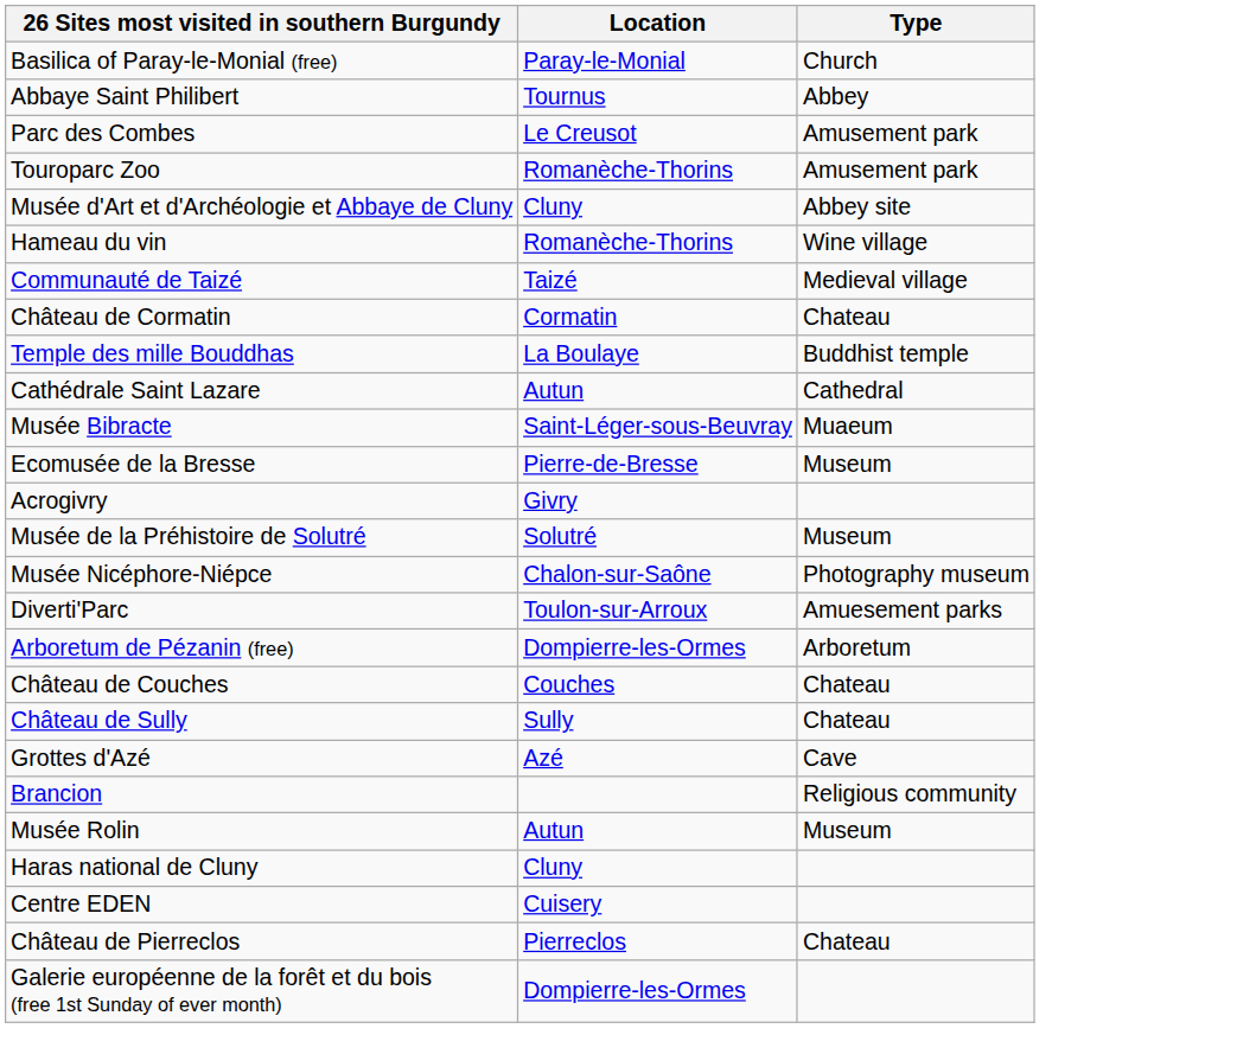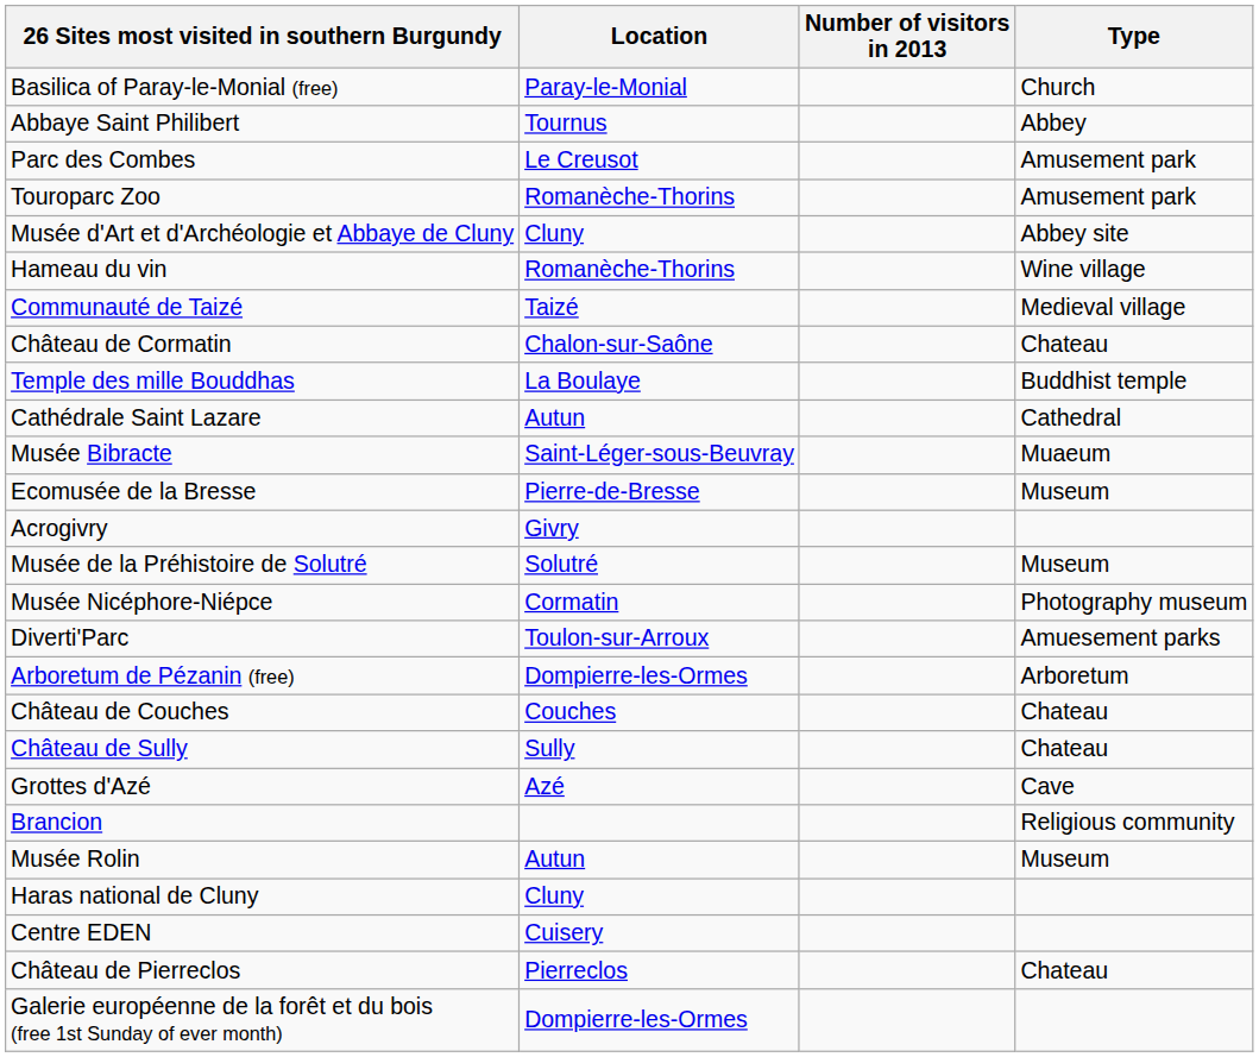 <table class="wikitable centre alternance" style=texte-align: ce-nter; line-height:14px>
 <tr>
 <th scope="col">26 Sites most visited in southern Burgundy</th>
 <th scope="col">Location</th>
+<th scope="col">Number of visitors<br> in 2013</th>
 <th scope="col">Type</th>
 </tr>
 <tr>
 <td>Basilica of Paray-le-Monial <small>(free)</small></td>
 <td><a href='#'>Paray-le-Monial</a></td>
+<td align="right"></td>
 <td>Church</td>
 </tr>
 <tr>
 <td>Abbaye Saint Philibert</td>
 <td><a href='#'>Tournus</a></td>
+<td align="right"></td>
 <td>Abbey</td>
 </tr>
 <tr>
 <td>Parc des Combes</td>
 <td><a href='#'>Le Creusot</a></td>
+<td align="right"></td>
 <td>Amusement park</td>
 </tr>
 <tr>
 <td>Touroparc Zoo</td>
 <td><a href='#'>Romanèche-Thorins</a></td>
+<td align="right"></td>
 <td>Amusement park</td>
 </tr>
 <tr>
 <td>Musée d'Art et d'Archéologie et <a href='#'>Abbaye de Cluny</a></td>
 <td><a href='#'>Cluny</a></td>
+<td align="right"></td>
 <td>Abbey site</td>
 </tr>
 <tr>
 <td>Hameau du vin</td>
 <td><a href='#'>Romanèche-Thorins</a></td>
+<td align="right"></td>
 <td>Wine village</td>
 </tr>
 <tr>
 <td><a href='#'>Communauté de Taizé</a></td>
 <td><a href='#'>Taizé</a></td>
+<td align="right"></td>
 <td>Medieval village</td>
 </tr>
 <tr>
 <td>Château de Cormatin</td>
-<td><a href='#'>Cormatin</a></td>
+<td><a href='#'>Chalon-sur-Saône</a></td>
+<td align="right"></td>
 <td>Chateau</td>
 </tr>
 <tr>
 <td><a href='#'>Temple des mille Bouddhas</a></td>
 <td><a href='#'>La Boulaye</a></td>
+<td align="right"></td>
 <td>Buddhist temple</td>
 </tr>
 <tr>
 <td>Cathédrale Saint Lazare</td>
 <td><a href='#'>Autun</a></td>
+<td align="right"></td>
 <td>Cathedral</td>
 </tr>
 <tr>
 <td>Musée <a href='#'>Bibracte</a></td>
 <td><a href='#'>Saint-Léger-sous-Beuvray</a></td>
+<td align="right"></td>
 <td>Muaeum</td>
 </tr>
 <tr>
 <td>Ecomusée de la Bresse</td>
 <td><a href='#'>Pierre-de-Bresse</a></td>
+<td align="right"></td>
 <td>Museum</td>
 </tr>
 <tr>
 <td>Acrogivry</td>
 <td><a href='#'>Givry</a></td>
+<td align="right"></td>
 <td></td>
 </tr>
 <tr>
 <td>Musée de la Préhistoire de <a href='#'>Solutré</a></td>
 <td><a href='#'>Solutré</a></td>
+<td align="right"></td>
 <td>Museum</td>
 </tr>
 <tr>
 <td>Musée Nicéphore-Niépce</td>
-<td><a href='#'>Chalon-sur-Saône</a></td>
+<td><a href='#'>Cormatin</a></td>
+<td align="right"></td>
 <td>Photography museum</td>
 </tr>
 <tr>
 <td>Diverti'Parc</td>
 <td><a href='#'>Toulon-sur-Arroux</a></td>
+<td align="right"></td>
 <td>Amuesement parks</td>
 </tr>
 <tr>
 <td><a href='#'>Arboretum de Pézanin</a> <small>(free)</small></td>
 <td><a href='#'>Dompierre-les-Ormes</a></td>
+<td align="right"></td>
 <td>Arboretum</td>
 </tr>
 <tr>
 <td>Château de Couches</td>
 <td><a href='#'>Couches</a></td>
+<td align="right"></td>
 <td>Chateau</td>
 </tr>
 <tr>
 <td><a href='#'>Château de Sully</a></td>
 <td><a href='#'>Sully</a></td>
+<td align="right"></td>
 <td>Chateau</td>
 </tr>
 <tr>
 <td>Grottes d'Azé</td>
 <td><a href='#'>Azé</a></td>
+<td align="right"></td>
 <td>Cave</td>
 </tr>
 <tr>
 <td><a href='#'>Brancion</a></td>
 <td></td>
+<td align="right"></td>
 <td>Religious community</td>
 </tr>
 <tr>
 <td>Musée Rolin</td>
 <td><a href='#'>Autun</a></td>
+<td align="right"></td>
 <td>Museum</td>
 </tr>
 <tr>
 <td>Haras national de Cluny</td>
 <td><a href='#'>Cluny</a></td>
+<td align="right"></td>
 <td></td>
 </tr>
 <tr>
 <td>Centre EDEN</td>
 <td><a href='#'>Cuisery</a></td>
+<td align="right"></td>
 <td></td>
 </tr>
 <tr>
 <td>Château de Pierreclos</td>
 <td><a href='#'>Pierreclos</a></td>
+<td align="right"></td>
 <td>Chateau</td>
 </tr>
 <tr>
 <td>Galerie européenne de la forêt et du bois<br><small> (free 1st Sunday of ever month) </small></td>
 <td><a href='#'>Dompierre-les-Ormes</a></td>
+<td align="right"></td>
 <td></td>
 </tr>
 </table>
